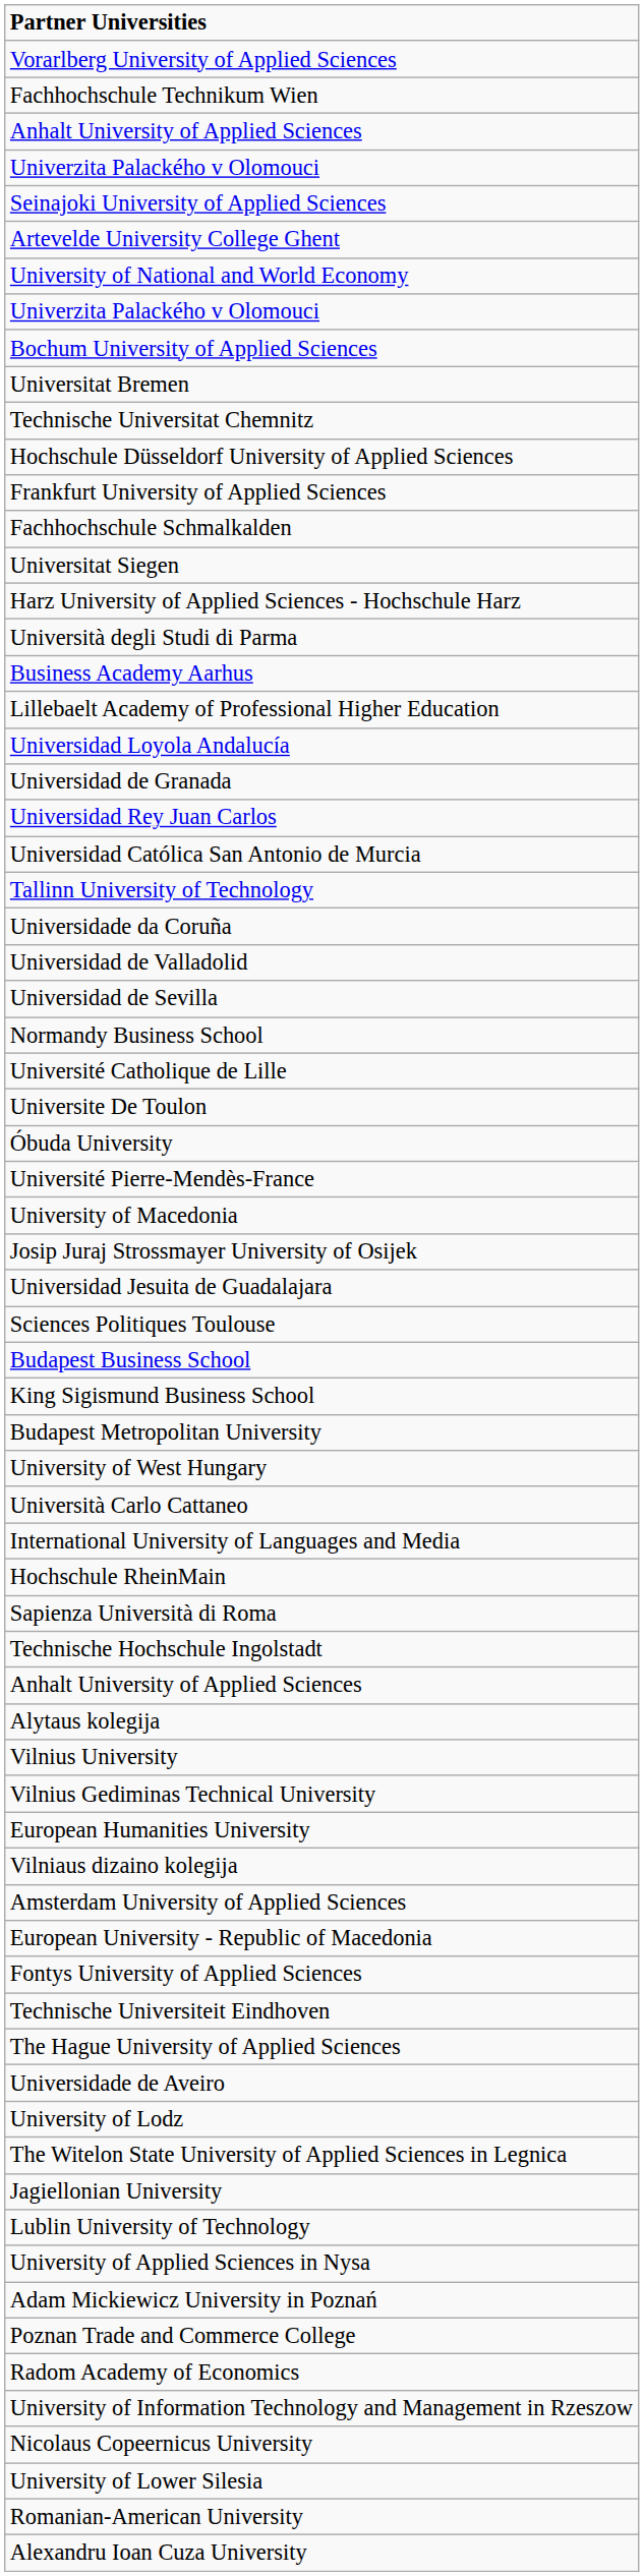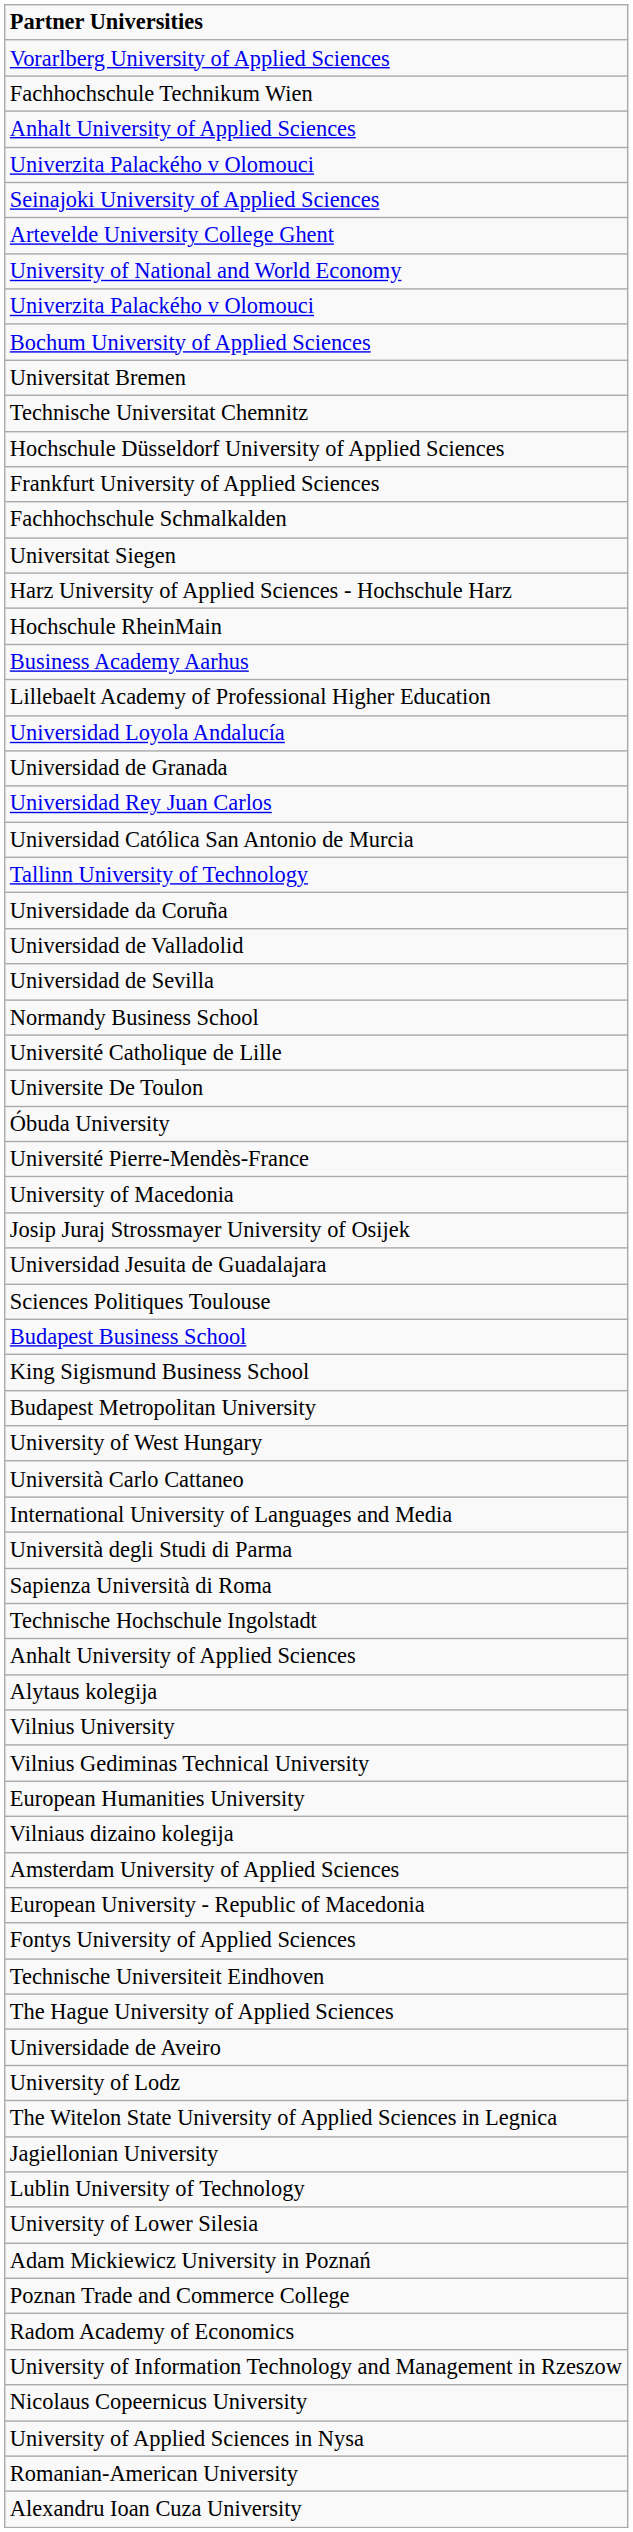 <table class="wikitable">
 <tr>
 <td><strong>Partner Universities</strong></td>
 </tr>
 <tr>
 <td><a href='#'>Vorarlberg University of Applied Sciences</a></td>
 </tr>
 <tr>
 <td>Fachhochschule Technikum Wien</td>
 </tr>
 <tr>
 <td><a href='#'>Anhalt University of Applied Sciences</a></td>
 </tr>
 <tr>
 <td><a href='#'>Univerzita Palackého v Olomouci</a></td>
 </tr>
 <tr>
 <td><a href='#'>Seinajoki University of Applied Sciences</a></td>
 </tr>
 <tr>
 <td><a href='#'>Artevelde University College Ghent</a></td>
 </tr>
 <tr>
 <td><a href='#'>University of National and World Economy</a></td>
 </tr>
 <tr>
 <td><a href='#'>Univerzita Palackého v Olomouci</a></td>
 </tr>
 <tr>
 <td><a href='#'>Bochum University of Applied Sciences</a></td>
 </tr>
 <tr>
 <td>Universitat Bremen</td>
 </tr>
 <tr>
 <td>Technische Universitat Chemnitz</td>
 </tr>
 <tr>
 <td>Hochschule Düsseldorf University of Applied Sciences</td>
 </tr>
 <tr>
 <td>Frankfurt University of Applied Sciences</td>
 </tr>
 <tr>
 <td>Fachhochschule Schmalkalden</td>
 </tr>
 <tr>
 <td>Universitat Siegen</td>
 </tr>
 <tr>
 <td>Harz University of Applied Sciences - Hochschule Harz</td>
 </tr>
 <tr>
-<td>Università degli Studi di Parma</td>
+<td>Hochschule RheinMain</td>
 </tr>
 <tr>
 <td><a href='#'>Business Academy Aarhus</a></td>
 </tr>
 <tr>
 <td>Lillebaelt Academy of Professional Higher Education</td>
 </tr>
 <tr>
 <td><a href='#'>Universidad Loyola Andalucía</a></td>
 </tr>
 <tr>
 <td>Universidad de Granada</td>
 </tr>
 <tr>
 <td><a href='#'>Universidad Rey Juan Carlos</a></td>
 </tr>
 <tr>
 <td>Universidad Católica San Antonio de Murcia</td>
 </tr>
 <tr>
 <td><a href='#'>Tallinn University of Technology</a></td>
 </tr>
 <tr>
 <td>Universidade da Coruña</td>
 </tr>
 <tr>
 <td>Universidad de Valladolid</td>
 </tr>
 <tr>
 <td>Universidad de Sevilla</td>
 </tr>
 <tr>
 <td>Normandy Business School</td>
 </tr>
 <tr>
 <td>Université Catholique de Lille</td>
 </tr>
 <tr>
 <td>Universite De Toulon</td>
 </tr>
 <tr>
 <td>Óbuda University</td>
 </tr>
 <tr>
 <td>Université Pierre-Mendès-France</td>
 </tr>
 <tr>
 <td>University of Macedonia</td>
 </tr>
 <tr>
 <td>Josip Juraj Strossmayer University of Osijek</td>
 </tr>
 <tr>
 <td>Universidad Jesuita de Guadalajara</td>
 </tr>
 <tr>
 <td>Sciences Politiques Toulouse</td>
 </tr>
 <tr>
 <td><a href='#'>Budapest Business School</a></td>
 </tr>
 <tr>
 <td>King Sigismund Business School</td>
 </tr>
 <tr>
 <td>Budapest Metropolitan University</td>
 </tr>
 <tr>
 <td>University of West Hungary</td>
 </tr>
 <tr>
 <td>Università Carlo Cattaneo</td>
 </tr>
 <tr>
 <td>International University of Languages and Media</td>
 </tr>
 <tr>
-<td>Hochschule RheinMain</td>
+<td>Università degli Studi di Parma</td>
 </tr>
 <tr>
 <td>Sapienza Università di Roma</td>
 </tr>
 <tr>
 <td>Technische Hochschule Ingolstadt</td>
 </tr>
 <tr>
 <td>Anhalt University of Applied Sciences</td>
 </tr>
 <tr>
 <td>Alytaus kolegija</td>
 </tr>
 <tr>
 <td>Vilnius University</td>
 </tr>
 <tr>
 <td>Vilnius Gediminas Technical University</td>
 </tr>
 <tr>
 <td>European Humanities University</td>
 </tr>
 <tr>
 <td>Vilniaus dizaino kolegija</td>
 </tr>
 <tr>
 <td>Amsterdam University of Applied Sciences</td>
 </tr>
 <tr>
 <td>European University - Republic of Macedonia</td>
 </tr>
 <tr>
 <td>Fontys University of Applied Sciences</td>
 </tr>
 <tr>
 <td>Technische Universiteit Eindhoven</td>
 </tr>
 <tr>
 <td>The Hague University of Applied Sciences</td>
 </tr>
 <tr>
 <td>Universidade de Aveiro</td>
 </tr>
 <tr>
 <td>University of Lodz</td>
 </tr>
 <tr>
 <td>The Witelon State University of Applied Sciences in Legnica</td>
 </tr>
 <tr>
 <td>Jagiellonian University</td>
 </tr>
 <tr>
 <td>Lublin University of Technology</td>
 </tr>
 <tr>
-<td>University of Applied Sciences in Nysa</td>
+<td>University of Lower Silesia</td>
 </tr>
 <tr>
 <td>Adam Mickiewicz University in Poznań</td>
 </tr>
 <tr>
 <td>Poznan Trade and Commerce College</td>
 </tr>
 <tr>
 <td>Radom Academy of Economics</td>
 </tr>
 <tr>
 <td>University of Information Technology and Management in Rzeszow</td>
 </tr>
 <tr>
 <td>Nicolaus Copeernicus University</td>
 </tr>
 <tr>
-<td>University of Lower Silesia</td>
+<td>University of Applied Sciences in Nysa</td>
 </tr>
 <tr>
 <td>Romanian-American University</td>
 </tr>
 <tr>
 <td>Alexandru Ioan Cuza University</td>
 </tr>
 </table>
